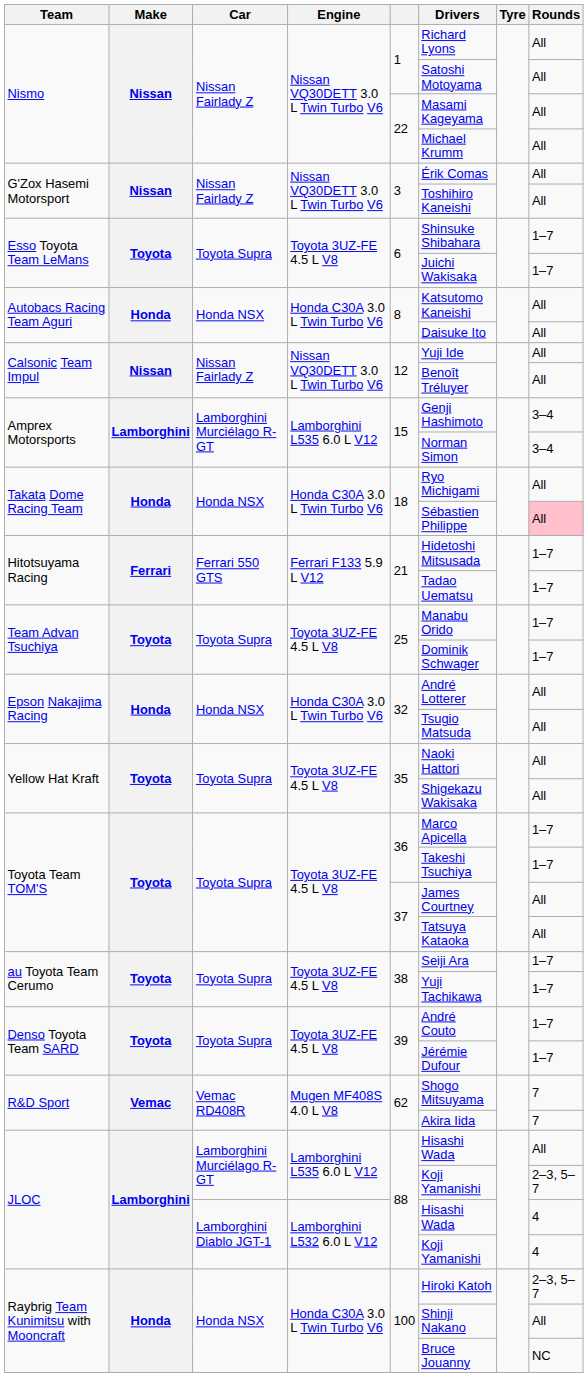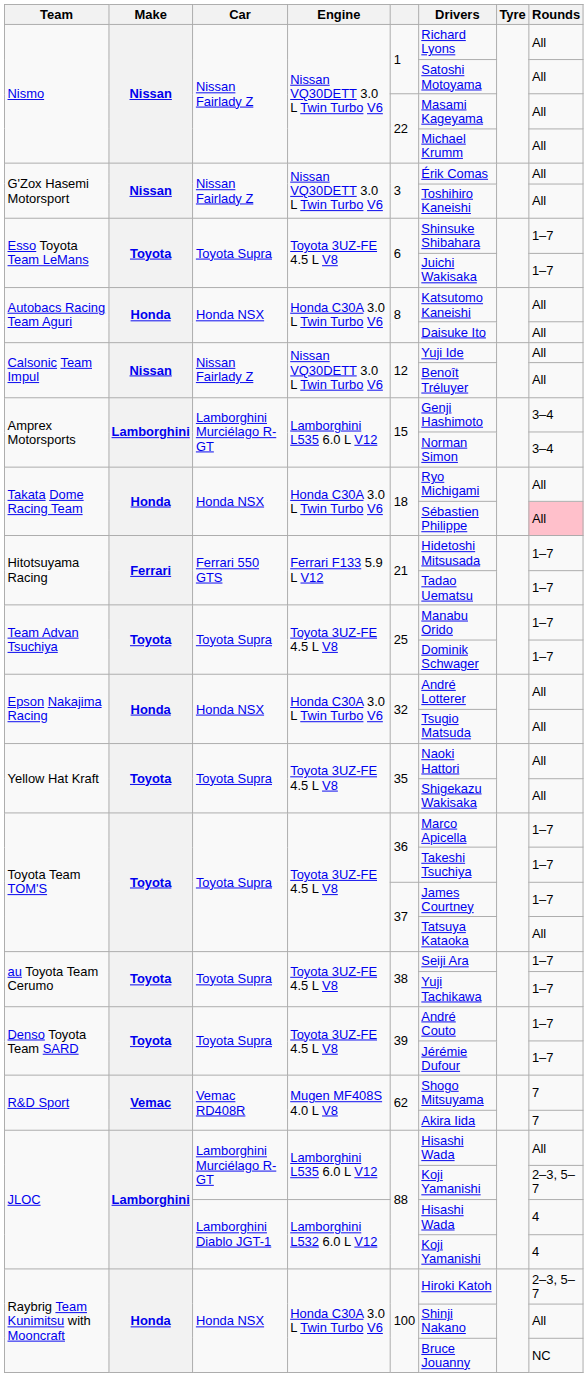 <table class="wikitable" style="font-size: 85%;">
 <tr>
 <th>Team</th>
 <th>Make</th>
 <th>Car</th>
 <th>Engine</th>
 <th></th>
 <th>Drivers</th>
 <th>Tyre</th>
 <th>Rounds</th>
 </tr>
 <tr>
 <td rowspan=4><a href='#'>Nismo</a></td>
 <th rowspan=4><a href='#'>Nissan</a></th>
 <td rowspan=4><a href='#'>Nissan Fairlady Z</a></td>
 <td rowspan=4><a href='#'>Nissan VQ30DETT</a> 3.0 L <a href='#'>Twin Turbo</a> <a href='#'>V6</a></td>
 <td rowspan=2>1</td>
 <td> <a href='#'>Richard Lyons</a></td>
 <td rowspan=4 align="center"></td>
 <td>All</td>
 </tr>
 <tr>
 <td> <a href='#'>Satoshi Motoyama</a></td>
 <td>All</td>
 </tr>
 <tr>
 <td rowspan=2>22</td>
 <td> <a href='#'>Masami Kageyama</a></td>
 <td>All</td>
 </tr>
 <tr>
 <td> <a href='#'>Michael Krumm</a></td>
 <td>All</td>
 </tr>
 <tr>
 <td rowspan=2>G'Zox Hasemi Motorsport</td>
 <th rowspan=2><a href='#'>Nissan</a></th>
 <td rowspan=2><a href='#'>Nissan Fairlady Z</a></td>
 <td rowspan=2><a href='#'>Nissan VQ30DETT</a> 3.0 L <a href='#'>Twin Turbo</a> <a href='#'>V6</a></td>
 <td rowspan=2>3</td>
 <td> <a href='#'>Érik Comas</a></td>
 <td rowspan=2 align="center"></td>
 <td>All</td>
 </tr>
 <tr>
 <td> <a href='#'>Toshihiro Kaneishi</a></td>
 <td>All</td>
 </tr>
 <tr>
 <td rowspan=2><a href='#'>Esso</a> Toyota <a href='#'>Team LeMans</a></td>
 <th rowspan=2><a href='#'>Toyota</a></th>
 <td rowspan=2><a href='#'>Toyota Supra</a></td>
 <td rowspan=2><a href='#'>Toyota 3UZ-FE</a> 4.5 L <a href='#'>V8</a></td>
 <td rowspan=2>6</td>
 <td> <a href='#'>Shinsuke Shibahara</a></td>
 <td rowspan=2 align="center"></td>
 <td>1–7</td>
 </tr>
 <tr>
 <td> <a href='#'>Juichi Wakisaka</a></td>
 <td>1–7</td>
 </tr>
 <tr>
 <td rowspan=2><a href='#'>Autobacs Racing Team Aguri</a></td>
 <th rowspan=2><a href='#'>Honda</a></th>
 <td rowspan=2><a href='#'>Honda NSX</a></td>
 <td rowspan=2><a href='#'>Honda C30A</a> 3.0 L <a href='#'>Twin Turbo</a> <a href='#'>V6</a></td>
 <td rowspan=2>8</td>
 <td> <a href='#'>Katsutomo Kaneishi</a></td>
 <td rowspan=2 align="center"></td>
 <td>All</td>
 </tr>
 <tr>
 <td> <a href='#'>Daisuke Ito</a></td>
 <td>All</td>
 </tr>
 <tr>
 <td rowspan=2><a href='#'>Calsonic</a> <a href='#'>Team Impul</a></td>
 <th rowspan=2><a href='#'>Nissan</a></th>
 <td rowspan=2><a href='#'>Nissan Fairlady Z</a></td>
 <td rowspan=2><a href='#'>Nissan VQ30DETT</a> 3.0 L <a href='#'>Twin Turbo</a> <a href='#'>V6</a></td>
 <td rowspan=2>12</td>
 <td> <a href='#'>Yuji Ide</a></td>
 <td rowspan=2 align="center"></td>
 <td>All</td>
 </tr>
 <tr>
 <td> <a href='#'>Benoît Tréluyer</a></td>
 <td>All</td>
 </tr>
 <tr>
 <td rowspan=2>Amprex Motorsports</td>
 <th rowspan=2><a href='#'>Lamborghini</a></th>
 <td rowspan=2><a href='#'>Lamborghini Murciélago R-GT</a></td>
 <td rowspan=2><a href='#'>Lamborghini L535</a> 6.0 L <a href='#'>V12</a></td>
 <td rowspan=2>15</td>
 <td> <a href='#'>Genji Hashimoto</a></td>
 <td rowspan=2 align="center"></td>
 <td>3–4</td>
 </tr>
 <tr>
 <td> <a href='#'>Norman Simon</a></td>
 <td>3–4</td>
 </tr>
 <tr>
 <td rowspan=2><a href='#'>Takata</a> <a href='#'>Dome Racing Team</a></td>
 <th rowspan=2><a href='#'>Honda</a></th>
 <td rowspan=2><a href='#'>Honda NSX</a></td>
 <td rowspan=2><a href='#'>Honda C30A</a> 3.0 L <a href='#'>Twin Turbo</a> <a href='#'>V6</a></td>
 <td rowspan=2>18</td>
 <td> <a href='#'>Ryo Michigami</a></td>
 <td rowspan=2 align="center"></td>
 <td>All</td>
 </tr>
 <tr>
 <td> <a href='#'>Sébastien Philippe</a></td>
 <td style="background: pink;">All</td>
 </tr>
 <tr>
 <td rowspan=2>Hitotsuyama Racing</td>
 <th rowspan=2><a href='#'>Ferrari</a></th>
 <td rowspan=2><a href='#'>Ferrari 550 GTS</a></td>
 <td rowspan=2><a href='#'>Ferrari F133</a> 5.9 L <a href='#'>V12</a></td>
 <td rowspan=2>21</td>
 <td> <a href='#'>Hidetoshi Mitsusada</a></td>
 <td rowspan=2 align="center"></td>
 <td>1–7</td>
 </tr>
 <tr>
 <td> <a href='#'>Tadao Uematsu</a></td>
 <td>1–7</td>
 </tr>
 <tr>
 <td rowspan=2><a href='#'>Team Advan</a> <a href='#'>Tsuchiya</a></td>
 <th rowspan=2><a href='#'>Toyota</a></th>
 <td rowspan=2><a href='#'>Toyota Supra</a></td>
 <td rowspan=2><a href='#'>Toyota 3UZ-FE</a> 4.5 L <a href='#'>V8</a></td>
 <td rowspan=2>25</td>
 <td> <a href='#'>Manabu Orido</a></td>
 <td rowspan=2 align="center"></td>
 <td>1–7</td>
 </tr>
 <tr>
 <td> <a href='#'>Dominik Schwager</a></td>
 <td>1–7</td>
 </tr>
 <tr>
 <td rowspan=2><a href='#'>Epson</a> <a href='#'>Nakajima Racing</a></td>
 <th rowspan=2><a href='#'>Honda</a></th>
 <td rowspan=2><a href='#'>Honda NSX</a></td>
 <td rowspan=2><a href='#'>Honda C30A</a> 3.0 L <a href='#'>Twin Turbo</a> <a href='#'>V6</a></td>
 <td rowspan=2>32</td>
 <td> <a href='#'>André Lotterer</a></td>
 <td rowspan=2 align="center"></td>
 <td>All</td>
 </tr>
 <tr>
 <td> <a href='#'>Tsugio Matsuda</a></td>
 <td>All</td>
 </tr>
 <tr>
 <td rowspan=2>Yellow Hat Kraft</td>
 <th rowspan=2><a href='#'>Toyota</a></th>
 <td rowspan=2><a href='#'>Toyota Supra</a></td>
 <td rowspan=2><a href='#'>Toyota 3UZ-FE</a> 4.5 L <a href='#'>V8</a></td>
 <td rowspan=2>35</td>
 <td> <a href='#'>Naoki Hattori</a></td>
 <td rowspan=2 align="center"></td>
 <td>All</td>
 </tr>
 <tr>
 <td> <a href='#'>Shigekazu Wakisaka</a></td>
 <td>All</td>
 </tr>
 <tr>
 <td rowspan=4>Toyota Team <a href='#'>TOM'S</a></td>
 <th rowspan=4><a href='#'>Toyota</a></th>
 <td rowspan=4><a href='#'>Toyota Supra</a></td>
 <td rowspan=4><a href='#'>Toyota 3UZ-FE</a> 4.5 L <a href='#'>V8</a></td>
 <td rowspan=2>36</td>
 <td> <a href='#'>Marco Apicella</a></td>
 <td rowspan=4 align="center"></td>
 <td>1–7</td>
 </tr>
 <tr>
 <td> <a href='#'>Takeshi Tsuchiya</a></td>
 <td>1–7</td>
 </tr>
 <tr>
 <td rowspan=2>37</td>
 <td> <a href='#'>James Courtney</a></td>
-<td>All</td>
+<td>1–7</td>
 </tr>
 <tr>
 <td> <a href='#'>Tatsuya Kataoka</a></td>
 <td>All</td>
 </tr>
 <tr>
 <td rowspan=2><a href='#'>au</a> Toyota Team Cerumo</td>
 <th rowspan=2><a href='#'>Toyota</a></th>
 <td rowspan=2><a href='#'>Toyota Supra</a></td>
 <td rowspan=2><a href='#'>Toyota 3UZ-FE</a> 4.5 L <a href='#'>V8</a></td>
 <td rowspan=2>38</td>
 <td> <a href='#'>Seiji Ara</a></td>
 <td rowspan=2 align="center"></td>
 <td>1–7</td>
 </tr>
 <tr>
 <td> <a href='#'>Yuji Tachikawa</a></td>
 <td>1–7</td>
 </tr>
 <tr>
 <td rowspan=2><a href='#'>Denso</a> Toyota Team <a href='#'>SARD</a></td>
 <th rowspan=2><a href='#'>Toyota</a></th>
 <td rowspan=2><a href='#'>Toyota Supra</a></td>
 <td rowspan=2><a href='#'>Toyota 3UZ-FE</a> 4.5 L <a href='#'>V8</a></td>
 <td rowspan=2>39</td>
 <td> <a href='#'>André Couto</a></td>
 <td rowspan=2 align="center"></td>
 <td>1–7</td>
 </tr>
 <tr>
 <td> <a href='#'>Jérémie Dufour</a></td>
 <td>1–7</td>
 </tr>
 <tr>
 <td rowspan=2><a href='#'>R&D Sport</a></td>
 <th rowspan=2><a href='#'>Vemac</a></th>
 <td rowspan=2><a href='#'>Vemac RD408R</a></td>
 <td rowspan=2><a href='#'>Mugen MF408S</a> 4.0 L <a href='#'>V8</a></td>
 <td rowspan=2>62</td>
 <td> <a href='#'>Shogo Mitsuyama</a></td>
 <td rowspan=2 align="center"></td>
 <td>7</td>
 </tr>
 <tr>
 <td> <a href='#'>Akira Iida</a></td>
 <td>7</td>
 </tr>
 <tr>
 <td rowspan=4><a href='#'>JLOC</a></td>
 <th rowspan=4><a href='#'>Lamborghini</a></th>
 <td rowspan=2><a href='#'>Lamborghini Murciélago R-GT</a></td>
 <td rowspan=2><a href='#'>Lamborghini L535</a> 6.0 L <a href='#'>V12</a></td>
 <td rowspan=4>88</td>
 <td> <a href='#'>Hisashi Wada</a></td>
 <td rowspan=4 align="center"></td>
 <td>All</td>
 </tr>
 <tr>
 <td> <a href='#'>Koji Yamanishi</a></td>
 <td>2–3, 5–7</td>
 </tr>
 <tr>
 <td rowspan=2><a href='#'>Lamborghini Diablo JGT-1</a></td>
 <td rowspan=2><a href='#'>Lamborghini L532</a> 6.0 L <a href='#'>V12</a></td>
 <td> <a href='#'>Hisashi Wada</a></td>
 <td>4</td>
 </tr>
 <tr>
 <td> <a href='#'>Koji Yamanishi</a></td>
 <td>4</td>
 </tr>
 <tr>
 <td rowspan=3>Raybrig <a href='#'>Team Kunimitsu</a> with <a href='#'>Mooncraft</a></td>
 <th rowspan=3><a href='#'>Honda</a></th>
 <td rowspan=3><a href='#'>Honda NSX</a></td>
 <td rowspan=3><a href='#'>Honda C30A</a> 3.0 L <a href='#'>Twin Turbo</a> <a href='#'>V6</a></td>
 <td rowspan=3>100</td>
 <td> <a href='#'>Hiroki Katoh</a></td>
 <td rowspan=3 align="center"></td>
 <td>2–3, 5–7</td>
 </tr>
 <tr>
 <td> <a href='#'>Shinji Nakano</a></td>
 <td>All</td>
 </tr>
 <tr>
 <td> <a href='#'>Bruce Jouanny</a></td>
 <td>NC</td>
 </tr>
 </table>
